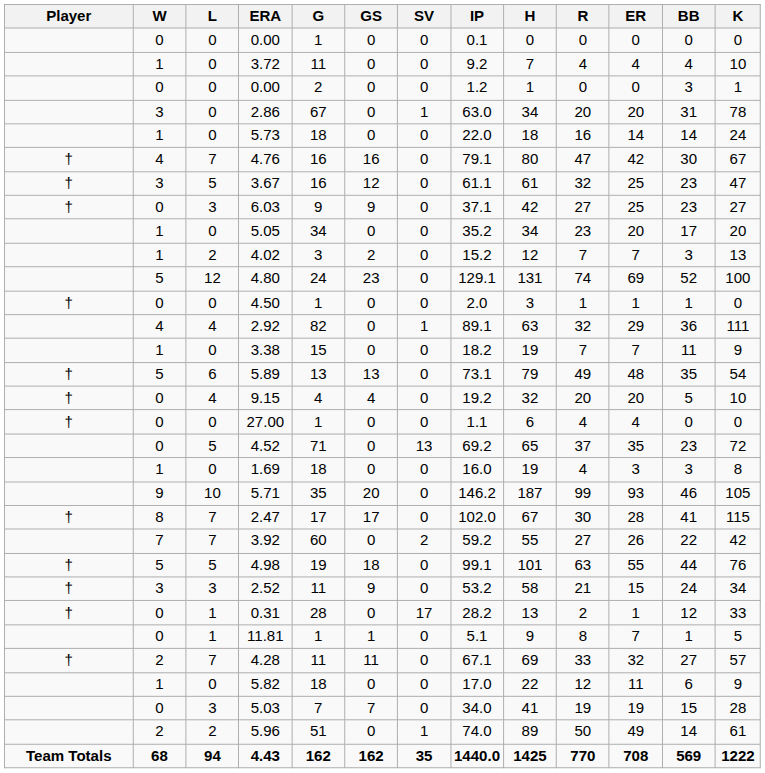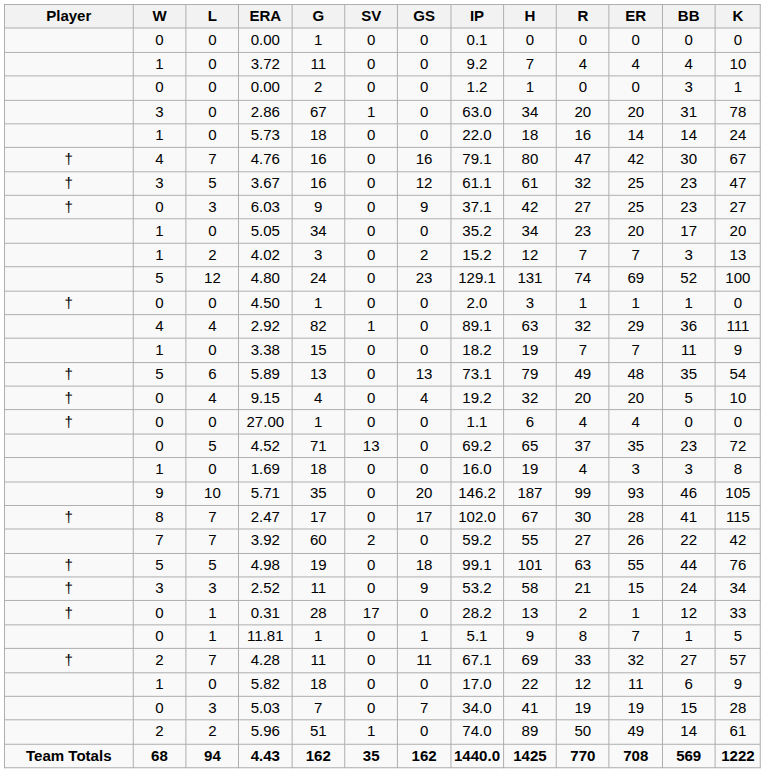 <table class="wikitable sortable" style="text-align:center; border:1; cellpadding:2; cellspacing:0;">
 <tr>
 <th bgcolor="#DDDDFF" width="17%">Player</th>
 <th bgcolor="#DDDDFF" width="7%">W</th>
 <th bgcolor="#DDDDFF" width="7%">L</th>
 <th bgcolor="#DDDDFF" width="7%">ERA</th>
 <th bgcolor="#DDDDFF" width="7%">G</th>
+<th bgcolor="#DDDDFF" width="7%">SV</th>
 <th bgcolor="#DDDDFF" width="7%">GS</th>
-<th bgcolor="#DDDDFF" width="7%">SV</th>
 <th bgcolor="#DDDDFF" width="7%">IP</th>
 <th bgcolor="#DDDDFF" width="7%">H</th>
 <th bgcolor="#DDDDFF" width="7%">R</th>
 <th bgcolor="#DDDDFF" width="7%">ER</th>
 <th bgcolor="#DDDDFF" width="7%">BB</th>
 <th bgcolor="#DDDDFF" width="7%">K</th>
 </tr>
 <tr style="text-align:center;">
 <td></td>
 <td>0</td>
 <td>0</td>
 <td>0.00</td>
 <td>1</td>
 <td>0</td>
 <td>0</td>
 <td>0.1</td>
 <td>0</td>
 <td>0</td>
 <td>0</td>
 <td>0</td>
 <td>0</td>
 </tr>
 <tr style="text-align:center;">
 <td></td>
 <td>1</td>
 <td>0</td>
 <td>3.72</td>
 <td>11</td>
 <td>0</td>
 <td>0</td>
 <td>9.2</td>
 <td>7</td>
 <td>4</td>
 <td>4</td>
 <td>4</td>
 <td>10</td>
 </tr>
 <tr style="text-align:center;">
 <td><strong></strong></td>
 <td>0</td>
 <td>0</td>
 <td>0.00</td>
 <td>2</td>
 <td>0</td>
 <td>0</td>
 <td>1.2</td>
 <td>1</td>
 <td>0</td>
 <td>0</td>
 <td>3</td>
 <td>1</td>
 </tr>
 <tr style="text-align:center;">
 <td></td>
 <td>3</td>
 <td>0</td>
 <td>2.86</td>
 <td>67</td>
+<td>1</td>
 <td>0</td>
-<td>1</td>
 <td>63.0</td>
 <td>34</td>
 <td>20</td>
 <td>20</td>
 <td>31</td>
 <td>78</td>
 </tr>
 <tr style="text-align:center;">
 <td></td>
 <td>1</td>
 <td>0</td>
 <td>5.73</td>
 <td>18</td>
 <td>0</td>
 <td>0</td>
 <td>22.0</td>
 <td>18</td>
 <td>16</td>
 <td>14</td>
 <td>14</td>
 <td>24</td>
 </tr>
 <tr style="text-align:center;">
 <td>†</td>
 <td>4</td>
 <td>7</td>
 <td>4.76</td>
 <td>16</td>
+<td>0</td>
 <td>16</td>
-<td>0</td>
 <td>79.1</td>
 <td>80</td>
 <td>47</td>
 <td>42</td>
 <td>30</td>
 <td>67</td>
 </tr>
 <tr style="text-align:center;">
 <td>†</td>
 <td>3</td>
 <td>5</td>
 <td>3.67</td>
 <td>16</td>
+<td>0</td>
 <td>12</td>
-<td>0</td>
 <td>61.1</td>
 <td>61</td>
 <td>32</td>
 <td>25</td>
 <td>23</td>
 <td>47</td>
 </tr>
 <tr style="text-align:center;">
 <td>†</td>
 <td>0</td>
 <td>3</td>
 <td>6.03</td>
 <td>9</td>
+<td>0</td>
 <td>9</td>
-<td>0</td>
 <td>37.1</td>
 <td>42</td>
 <td>27</td>
 <td>25</td>
 <td>23</td>
 <td>27</td>
 </tr>
 <tr style="text-align:center;">
 <td></td>
 <td>1</td>
 <td>0</td>
 <td>5.05</td>
 <td>34</td>
 <td>0</td>
 <td>0</td>
 <td>35.2</td>
 <td>34</td>
 <td>23</td>
 <td>20</td>
 <td>17</td>
 <td>20</td>
 </tr>
 <tr style="text-align:center;">
 <td><strong></strong></td>
 <td>1</td>
 <td>2</td>
 <td>4.02</td>
 <td>3</td>
+<td>0</td>
 <td>2</td>
-<td>0</td>
 <td>15.2</td>
 <td>12</td>
 <td>7</td>
 <td>7</td>
 <td>3</td>
 <td>13</td>
 </tr>
 <tr style="text-align:center;">
 <td></td>
 <td>5</td>
 <td>12</td>
 <td>4.80</td>
 <td>24</td>
+<td>0</td>
 <td>23</td>
-<td>0</td>
 <td>129.1</td>
 <td>131</td>
 <td>74</td>
 <td>69</td>
 <td>52</td>
 <td>100</td>
 </tr>
 <tr style="text-align:center;">
 <td>†</td>
 <td>0</td>
 <td>0</td>
 <td>4.50</td>
 <td>1</td>
 <td>0</td>
 <td>0</td>
 <td>2.0</td>
 <td>3</td>
 <td>1</td>
 <td>1</td>
 <td>1</td>
 <td>0</td>
 </tr>
 <tr style="text-align:center;">
 <td><strong></strong></td>
 <td>4</td>
 <td>4</td>
 <td>2.92</td>
 <td>82</td>
+<td>1</td>
 <td>0</td>
-<td>1</td>
 <td>89.1</td>
 <td>63</td>
 <td>32</td>
 <td>29</td>
 <td>36</td>
 <td>111</td>
 </tr>
 <tr style="text-align:center;">
 <td></td>
 <td>1</td>
 <td>0</td>
 <td>3.38</td>
 <td>15</td>
 <td>0</td>
 <td>0</td>
 <td>18.2</td>
 <td>19</td>
 <td>7</td>
 <td>7</td>
 <td>11</td>
 <td>9</td>
 </tr>
 <tr style="text-align:center;">
 <td>†</td>
 <td>5</td>
 <td>6</td>
 <td>5.89</td>
 <td>13</td>
+<td>0</td>
 <td>13</td>
-<td>0</td>
 <td>73.1</td>
 <td>79</td>
 <td>49</td>
 <td>48</td>
 <td>35</td>
 <td>54</td>
 </tr>
 <tr style="text-align:center;">
 <td>†</td>
 <td>0</td>
 <td>4</td>
 <td>9.15</td>
 <td>4</td>
+<td>0</td>
 <td>4</td>
-<td>0</td>
 <td>19.2</td>
 <td>32</td>
 <td>20</td>
 <td>20</td>
 <td>5</td>
 <td>10</td>
 </tr>
 <tr style="text-align:center;">
 <td>†</td>
 <td>0</td>
 <td>0</td>
 <td>27.00</td>
 <td>1</td>
 <td>0</td>
 <td>0</td>
 <td>1.1</td>
 <td>6</td>
 <td>4</td>
 <td>4</td>
 <td>0</td>
 <td>0</td>
 </tr>
 <tr style="text-align:center;">
 <td></td>
 <td>0</td>
 <td>5</td>
 <td>4.52</td>
 <td>71</td>
+<td>13</td>
 <td>0</td>
-<td>13</td>
 <td>69.2</td>
 <td>65</td>
 <td>37</td>
 <td>35</td>
 <td>23</td>
 <td>72</td>
 </tr>
 <tr style="text-align:center;">
 <td></td>
 <td>1</td>
 <td>0</td>
 <td>1.69</td>
 <td>18</td>
 <td>0</td>
 <td>0</td>
 <td>16.0</td>
 <td>19</td>
 <td>4</td>
 <td>3</td>
 <td>3</td>
 <td>8</td>
 </tr>
 <tr style="text-align:center;">
 <td><strong></strong></td>
 <td>9</td>
 <td>10</td>
 <td>5.71</td>
 <td>35</td>
+<td>0</td>
 <td>20</td>
-<td>0</td>
 <td>146.2</td>
 <td>187</td>
 <td>99</td>
 <td>93</td>
 <td>46</td>
 <td>105</td>
 </tr>
 <tr style="text-align:center;">
 <td>†</td>
 <td>8</td>
 <td>7</td>
 <td>2.47</td>
 <td>17</td>
+<td>0</td>
 <td>17</td>
-<td>0</td>
 <td>102.0</td>
 <td>67</td>
 <td>30</td>
 <td>28</td>
 <td>41</td>
 <td>115</td>
 </tr>
 <tr style="text-align:center;">
 <td></td>
 <td>7</td>
 <td>7</td>
 <td>3.92</td>
 <td>60</td>
+<td>2</td>
 <td>0</td>
-<td>2</td>
 <td>59.2</td>
 <td>55</td>
 <td>27</td>
 <td>26</td>
 <td>22</td>
 <td>42</td>
 </tr>
 <tr style="text-align:center;">
 <td>†</td>
 <td>5</td>
 <td>5</td>
 <td>4.98</td>
 <td>19</td>
+<td>0</td>
 <td>18</td>
-<td>0</td>
 <td>99.1</td>
 <td>101</td>
 <td>63</td>
 <td>55</td>
 <td>44</td>
 <td>76</td>
 </tr>
 <tr style="text-align:center;">
 <td>†</td>
 <td>3</td>
 <td>3</td>
 <td>2.52</td>
 <td>11</td>
+<td>0</td>
 <td>9</td>
-<td>0</td>
 <td>53.2</td>
 <td>58</td>
 <td>21</td>
 <td>15</td>
 <td>24</td>
 <td>34</td>
 </tr>
 <tr style="text-align:center;">
 <td>†</td>
 <td>0</td>
 <td>1</td>
 <td>0.31</td>
 <td>28</td>
+<td>17</td>
 <td>0</td>
-<td>17</td>
 <td>28.2</td>
 <td>13</td>
 <td>2</td>
 <td>1</td>
 <td>12</td>
 <td>33</td>
 </tr>
 <tr style="text-align:center;">
 <td></td>
 <td>0</td>
 <td>1</td>
 <td>11.81</td>
 <td>1</td>
+<td>0</td>
 <td>1</td>
-<td>0</td>
 <td>5.1</td>
 <td>9</td>
 <td>8</td>
 <td>7</td>
 <td>1</td>
 <td>5</td>
 </tr>
 <tr style="text-align:center;">
 <td>†</td>
 <td>2</td>
 <td>7</td>
 <td>4.28</td>
 <td>11</td>
+<td>0</td>
 <td>11</td>
-<td>0</td>
 <td>67.1</td>
 <td>69</td>
 <td>33</td>
 <td>32</td>
 <td>27</td>
 <td>57</td>
 </tr>
 <tr style="text-align:center;">
 <td></td>
 <td>1</td>
 <td>0</td>
 <td>5.82</td>
 <td>18</td>
 <td>0</td>
 <td>0</td>
 <td>17.0</td>
 <td>22</td>
 <td>12</td>
 <td>11</td>
 <td>6</td>
 <td>9</td>
 </tr>
 <tr style="text-align:center;">
 <td></td>
 <td>0</td>
 <td>3</td>
 <td>5.03</td>
 <td>7</td>
+<td>0</td>
 <td>7</td>
-<td>0</td>
 <td>34.0</td>
 <td>41</td>
 <td>19</td>
 <td>19</td>
 <td>15</td>
 <td>28</td>
 </tr>
 <tr style="text-align:center;">
 <td></td>
 <td>2</td>
 <td>2</td>
 <td>5.96</td>
 <td>51</td>
+<td>1</td>
 <td>0</td>
-<td>1</td>
 <td>74.0</td>
 <td>89</td>
 <td>50</td>
 <td>49</td>
 <td>14</td>
 <td>61</td>
 </tr>
 <tr style="text-align:center;">
 <td><strong>Team Totals</strong></td>
 <td><strong>68</strong></td>
 <td><strong>94</strong></td>
 <td><strong>4.43</strong></td>
 <td><strong>162</strong></td>
+<td><strong>35</strong></td>
 <td><strong>162</strong></td>
-<td><strong>35</strong></td>
 <td><strong>1440.0</strong></td>
 <td><strong>1425</strong></td>
 <td><strong>770</strong></td>
 <td><strong>708</strong></td>
 <td><strong>569</strong></td>
 <td><strong>1222</strong></td>
 </tr>
 </table>
